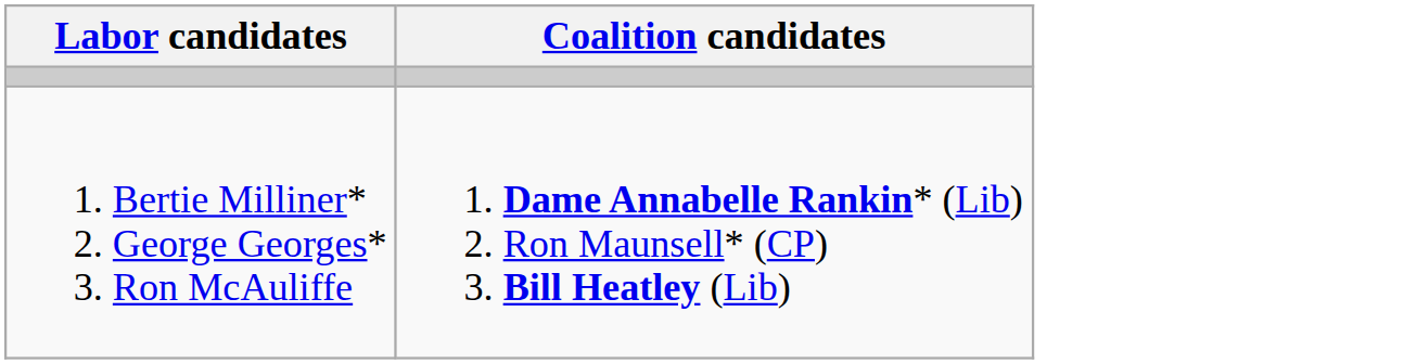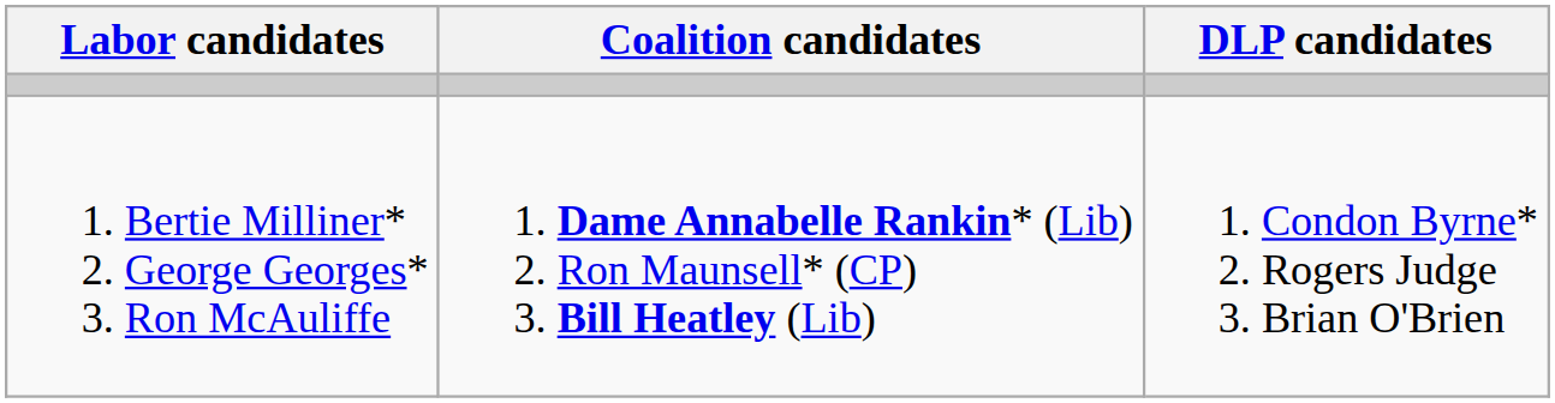 <table class="wikitable">
 <tr>
 <th><a href='#'>Labor</a> candidates</th>
 <th><a href='#'>Coalition</a> candidates</th>
+<th><a href='#'>DLP</a> candidates</th>
 </tr>
 <tr bgcolor="#cccccc">
+<td></td>
 <td></td>
 <td></td>
 </tr>
 <tr>
 <td><br><ol><li><a href='#'>Bertie Milliner</a>*</li><li><a href='#'>George Georges</a>*</li><li><a href='#'>Ron McAuliffe</a></li></ol></td>
 <td><br><ol><li><strong><a href='#'>Dame Annabelle Rankin</a></strong>* (<a href='#'>Lib</a>)</li><li><a href='#'>Ron Maunsell</a>* (<a href='#'>CP</a>)</li><li><strong><a href='#'>Bill Heatley</a></strong> (<a href='#'>Lib</a>)</li></ol></td>
+<td><br><ol><li><a href='#'>Condon Byrne</a>*</li><li>Rogers Judge</li><li>Brian O'Brien</li></ol></td>
 </tr>
 </table>
